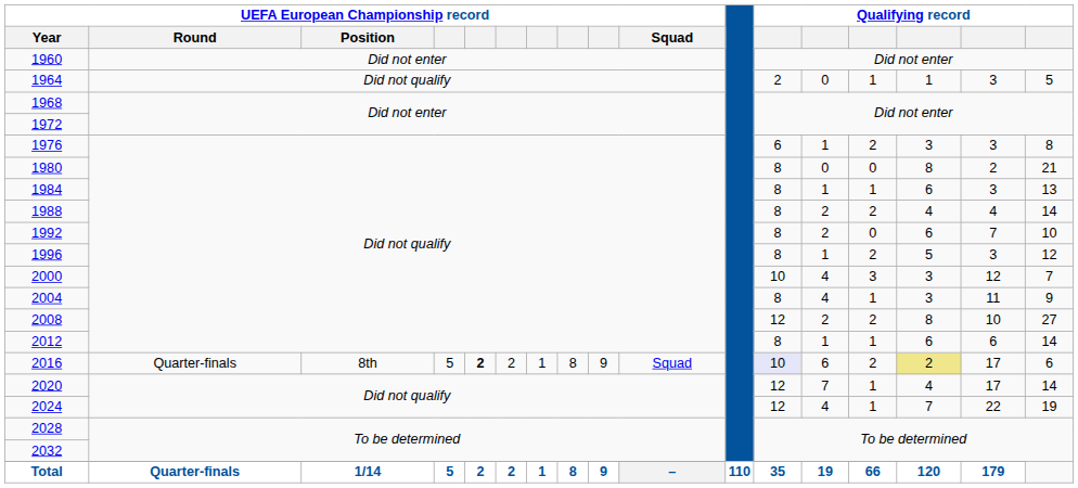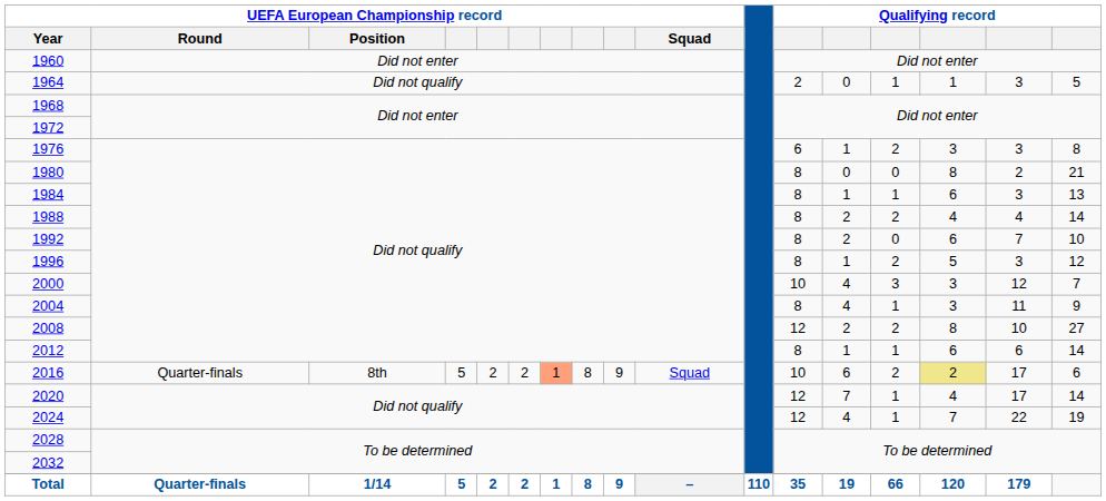 <table class="wikitable" style="text-align: center;">
 <tr style="color:#02529C;">
 <th colspan="10" style="background:#FFFFFF;"><a href='#'>UEFA European Championship</a> record</th>
 <th style="width:1%; background:#02529C;" rowspan=22></th>
 <th colspan="6" style="background:#FFFFFF;"><a href='#'>Qualifying</a> record</th>
 </tr>
 <tr>
 <th>Year</th>
 <th>Round</th>
 <th>Position</th>
 <th></th>
 <th></th>
 <th></th>
 <th></th>
 <th></th>
 <th></th>
 <th>Squad</th>
 <th></th>
 <th></th>
 <th></th>
 <th></th>
 <th></th>
 <th></th>
 </tr>
 <tr>
 <td> <a href='#'>1960</a></td>
 <td colspan="9"><em>Did not enter</em></td>
 <td colspan=6><em>Did not enter</em></td>
 </tr>
 <tr>
 <td> <a href='#'>1964</a></td>
 <td colspan="9"><em>Did not qualify</em></td>
 <td>2</td>
 <td>0</td>
 <td>1</td>
 <td>1</td>
 <td>3</td>
 <td>5</td>
 </tr>
 <tr>
 <td> <a href='#'>1968</a></td>
 <td colspan="9" rowspan="2"><em>Did not enter</em></td>
 <td colspan=6 rowspan=2><em>Did not enter</em></td>
 </tr>
 <tr>
 <td> <a href='#'>1972</a></td>
 </tr>
 <tr>
 <td> <a href='#'>1976</a></td>
 <td colspan="9" rowspan="10"><em>Did not qualify</em></td>
 <td>6</td>
 <td>1</td>
 <td>2</td>
 <td>3</td>
 <td>3</td>
 <td>8</td>
 </tr>
 <tr>
 <td> <a href='#'>1980</a></td>
 <td>8</td>
 <td>0</td>
 <td>0</td>
 <td>8</td>
 <td>2</td>
 <td>21</td>
 </tr>
 <tr>
 <td> <a href='#'>1984</a></td>
 <td>8</td>
 <td>1</td>
 <td>1</td>
 <td>6</td>
 <td>3</td>
 <td>13</td>
 </tr>
 <tr>
 <td> <a href='#'>1988</a></td>
 <td>8</td>
 <td>2</td>
 <td>2</td>
 <td>4</td>
 <td>4</td>
 <td>14</td>
 </tr>
 <tr>
 <td> <a href='#'>1992</a></td>
 <td>8</td>
 <td>2</td>
 <td>0</td>
 <td>6</td>
 <td>7</td>
 <td>10</td>
 </tr>
 <tr>
 <td> <a href='#'>1996</a></td>
 <td>8</td>
 <td>1</td>
 <td>2</td>
 <td>5</td>
 <td>3</td>
 <td>12</td>
 </tr>
 <tr>
 <td>  <a href='#'>2000</a></td>
 <td>10</td>
 <td>4</td>
 <td>3</td>
 <td>3</td>
 <td>12</td>
 <td>7</td>
 </tr>
 <tr>
 <td> <a href='#'>2004</a></td>
 <td>8</td>
 <td>4</td>
 <td>1</td>
 <td>3</td>
 <td>11</td>
 <td>9</td>
 </tr>
 <tr>
 <td>  <a href='#'>2008</a></td>
 <td>12</td>
 <td>2</td>
 <td>2</td>
 <td>8</td>
 <td>10</td>
 <td>27</td>
 </tr>
 <tr>
 <td>  <a href='#'>2012</a></td>
 <td>8</td>
 <td>1</td>
 <td>1</td>
 <td>6</td>
 <td>6</td>
 <td>14</td>
 </tr>
 <tr>
 <td> <a href='#'>2016</a></td>
 <td>Quarter-finals</td>
 <td>8th</td>
 <td>5</td>
-<td><strong>2</strong></td>
 <td>2</td>
-<td>1</td>
+<td>2</td>
+<td style="background: lightsalmon;">1</td>
 <td>8</td>
 <td>9</td>
 <td><a href='#'>Squad</a></td>
-<td style="background: lavender;">10</td>
+<td>10</td>
 <td>6</td>
 <td>2</td>
 <td style="background: khaki;">2</td>
 <td>17</td>
 <td>6</td>
 </tr>
 <tr>
 <td> <a href='#'>2020</a></td>
 <td colspan="9" rowspan="2"><em>Did not qualify</em></td>
 <td>12</td>
 <td>7</td>
 <td>1</td>
 <td>4</td>
 <td>17</td>
 <td>14</td>
 </tr>
 <tr>
 <td> <a href='#'>2024</a></td>
 <td>12</td>
 <td>4</td>
 <td>1</td>
 <td>7</td>
 <td>22</td>
 <td>19</td>
 </tr>
 <tr>
 <td>  <a href='#'>2028</a></td>
 <td colspan="9" rowspan="2"><em>To be determined</em></td>
 <td colspan="6" rowspan="2"><em>To be determined</em></td>
 </tr>
 <tr>
 <td>  <a href='#'>2032</a></td>
 </tr>
 <tr>
 </tr>
 <tr style="color:#02529C;">
 <th style="background:#FFFFFF;">Total</th>
 <th style="background:#FFFFFF;">Quarter-finals</th>
 <th style="background:#FFFFFF;">1/14</th>
 <th style="background:#FFFFFF;">5</th>
 <th style="background:#FFFFFF;">2</th>
 <th style="background:#FFFFFF;">2</th>
 <th style="background:#FFFFFF;">1</th>
 <th style="background:#FFFFFF;">8</th>
 <th style="background:#FFFFFF;">9</th>
 <th><strong>–</strong></th>
 <th style="background:#FFFFFF;">110</th>
 <th style="background:#FFFFFF;">35</th>
 <th style="background:#FFFFFF;">19</th>
 <th style="background:#FFFFFF;">66</th>
 <th style="background:#FFFFFF;">120</th>
 <th style="background:#FFFFFF;">179</th>
 </tr>
 </table>
